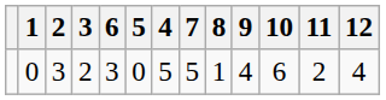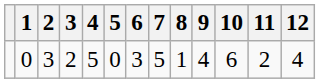 <table class="wikitable" style="text-align:center;">
 <tr>
 <th></th>
 <th>1</th>
 <th>2</th>
 <th>3</th>
+<th>4</th>
+<th>5</th>
 <th>6</th>
-<th>5</th>
-<th>4</th>
 <th>7</th>
 <th>8</th>
 <th>9</th>
 <th>10</th>
 <th>11</th>
 <th>12</th>
 </tr>
 <tr>
 <td></td>
 <td>0</td>
 <td>3</td>
 <td>2</td>
+<td>5</td>
+<td>0</td>
 <td>3</td>
-<td>0</td>
-<td>5</td>
 <td>5</td>
 <td>1</td>
 <td>4</td>
 <td>6</td>
 <td>2</td>
 <td>4</td>
 </tr>
 </table>
